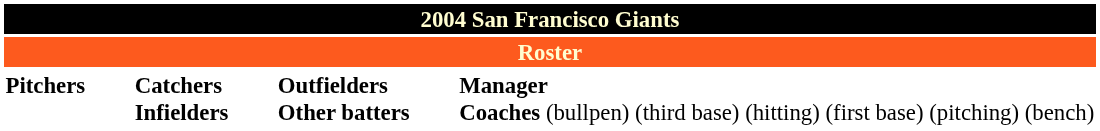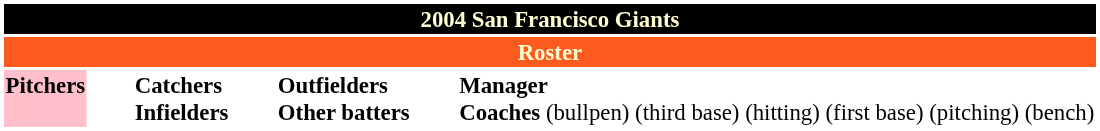 <table class="toccolours" style="font-size: 95%;">
 <tr>
 <th colspan="10" style="background-color: black; color: #FFFDD0; text-align: center;">2004 San Francisco Giants</th>
 </tr>
 <tr>
 <td colspan="10" style="background-color: #fd5a1e; color: #FFFDD0; text-align: center;"><strong>Roster</strong></td>
 </tr>
 <tr>
-<td valign="top"><strong>Pitchers</strong><br>                     </td>
+<td valign="top" style="background: pink;"><strong>Pitchers</strong><br>                     </td>
 <td width="25px"></td>
 <td valign="top"><strong>Catchers</strong><br>   <strong>Infielders</strong>         </td>
 <td width="25px"></td>
 <td valign="top"><strong>Outfielders</strong><br>        <strong>Other batters</strong> </td>
 <td width="25px"></td>
 <td valign="top"><strong>Manager</strong><br> <strong>Coaches</strong>  (bullpen)  (third base)  (hitting)  (first base)  (pitching)  (bench)</td>
 </tr>
 <tr>
 </tr>
 </table>
